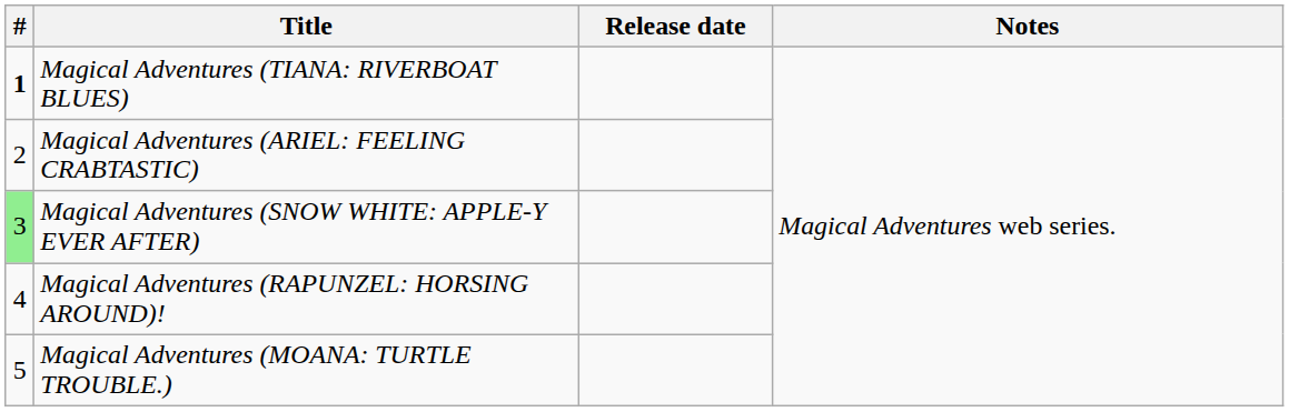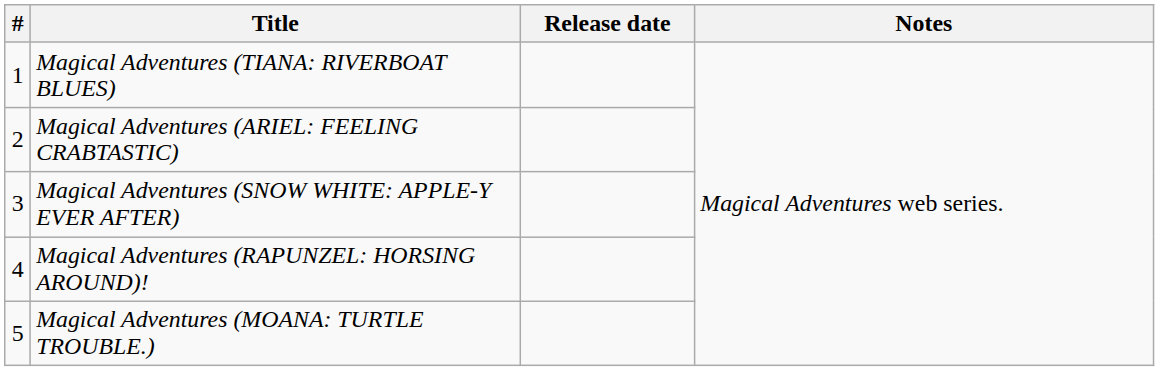 <table class="wikitable sortable">
 <tr>
 <th width=10>#</th>
 <th width=321>Title</th>
 <th width=110>Release date</th>
 <th width=300>Notes</th>
 </tr>
 <tr>
-<td align="center"><strong>1</strong></td>
+<td align="center">1</td>
 <td><em>Magical Adventures (TIANA: RIVERBOAT BLUES)</em></td>
 <td align="right"></td>
 <td rowspan="5"><em>Magical Adventures</em> web series.</td>
 </tr>
 <tr>
 <td align="center">2</td>
 <td><em>Magical Adventures (ARIEL: FEELING CRABTASTIC)</em></td>
 <td align="right"></td>
 </tr>
 <tr>
-<td align="center" style="background: lightgreen;">3</td>
+<td align="center">3</td>
 <td><em>Magical Adventures (SNOW WHITE: APPLE-Y EVER AFTER)</em></td>
 <td align="right"></td>
 </tr>
 <tr>
 <td align="center">4</td>
 <td><em>Magical Adventures (RAPUNZEL: HORSING AROUND)!</em></td>
 <td align="right"></td>
 </tr>
 <tr>
 <td align="center">5</td>
 <td><em>Magical Adventures (MOANA: TURTLE TROUBLE.)</em></td>
 <td align="right"></td>
 </tr>
 </table>
